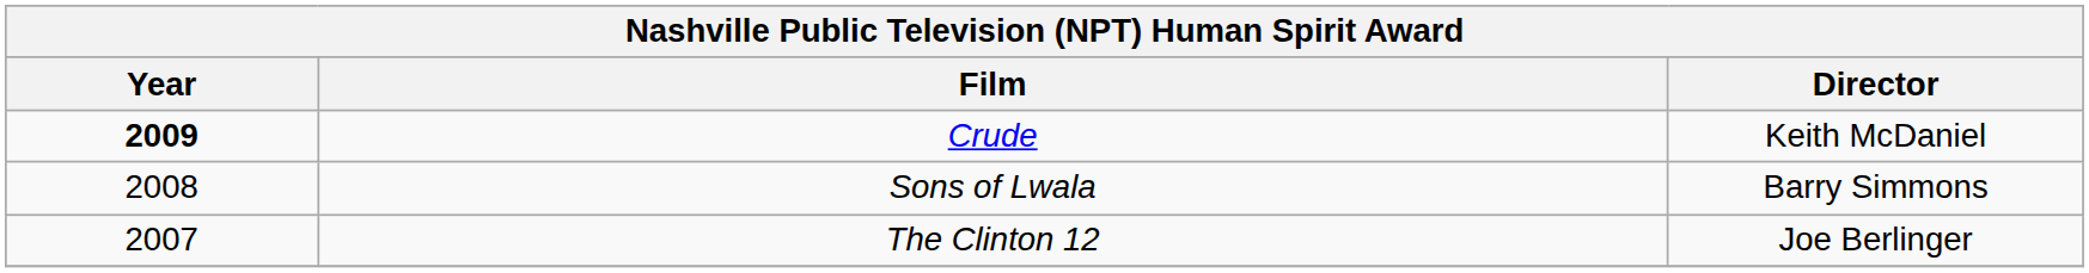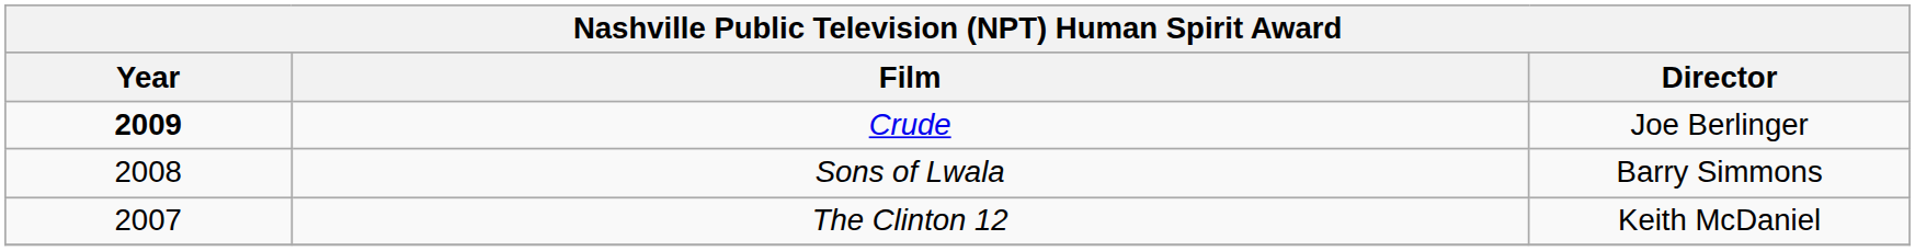 <table class="wikitable" width="80%">
 <tr>
 <th colspan="3" align="center">Nashville Public Television (NPT) Human Spirit Award</th>
 </tr>
 <tr>
 <th width="15%">Year</th>
 <th width="65%">Film</th>
 <th width="20%">Director</th>
 </tr>
 <tr>
 <td align="center"><strong>2009</strong></td>
 <td align="center"><a href='#'><em>Crude</em></a></td>
-<td align="center">Keith McDaniel</td>
+<td align="center">Joe Berlinger</td>
 </tr>
 <tr>
 <td align="center">2008</td>
 <td align="center"><em>Sons of Lwala</em></td>
 <td align="center">Barry Simmons</td>
 </tr>
 <tr>
 <td align="center">2007</td>
 <td align="center"><em>The Clinton 12</em></td>
-<td align="center">Joe Berlinger</td>
+<td align="center">Keith McDaniel</td>
 </tr>
 <tr>
 </tr>
 </table>
